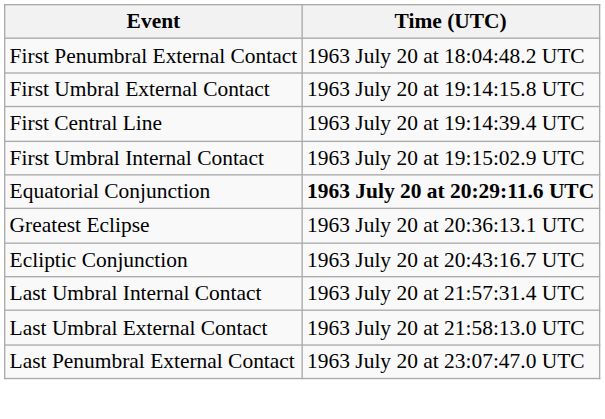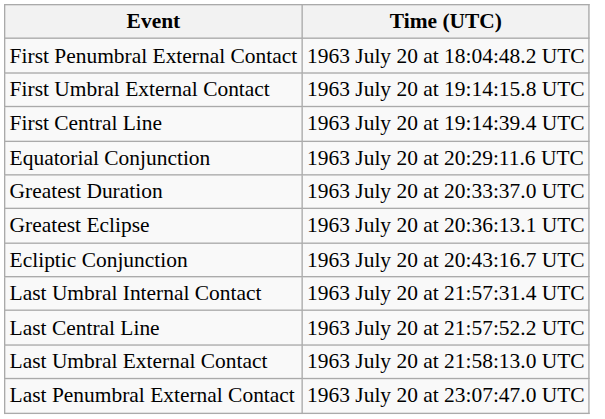 <table class="wikitable">
 <tr>
 <th>Event</th>
 <th>Time (UTC)</th>
 </tr>
 <tr>
 <td>First Penumbral External Contact</td>
 <td>1963 July 20 at 18:04:48.2 UTC</td>
 </tr>
 <tr>
 <td>First Umbral External Contact</td>
 <td>1963 July 20 at 19:14:15.8 UTC</td>
 </tr>
 <tr>
 <td>First Central Line</td>
 <td>1963 July 20 at 19:14:39.4 UTC</td>
 </tr>
 <tr>
-<td>First Umbral Internal Contact</td>
-<td>1963 July 20 at 19:15:02.9 UTC</td>
+<td>Equatorial Conjunction</td>
+<td>1963 July 20 at 20:29:11.6 UTC</td>
 </tr>
 <tr>
-<td>Equatorial Conjunction</td>
-<td><strong>1963 July 20 at 20:29:11.6 UTC</strong></td>
+<td>Greatest Duration</td>
+<td>1963 July 20 at 20:33:37.0 UTC</td>
 </tr>
 <tr>
 <td>Greatest Eclipse</td>
 <td>1963 July 20 at 20:36:13.1 UTC</td>
 </tr>
 <tr>
 <td>Ecliptic Conjunction</td>
 <td>1963 July 20 at 20:43:16.7 UTC</td>
 </tr>
 <tr>
 <td>Last Umbral Internal Contact</td>
 <td>1963 July 20 at 21:57:31.4 UTC</td>
 </tr>
 <tr>
+<td>Last Central Line</td>
+<td>1963 July 20 at 21:57:52.2 UTC</td>
+</tr>
+<tr>
 <td>Last Umbral External Contact</td>
 <td>1963 July 20 at 21:58:13.0 UTC</td>
 </tr>
 <tr>
 <td>Last Penumbral External Contact</td>
 <td>1963 July 20 at 23:07:47.0 UTC</td>
 </tr>
 </table>
